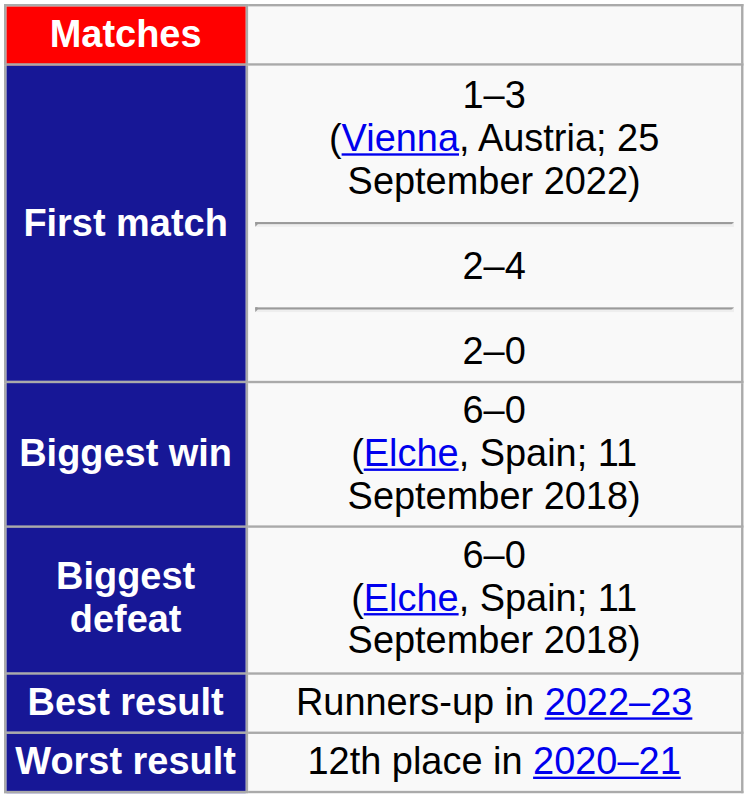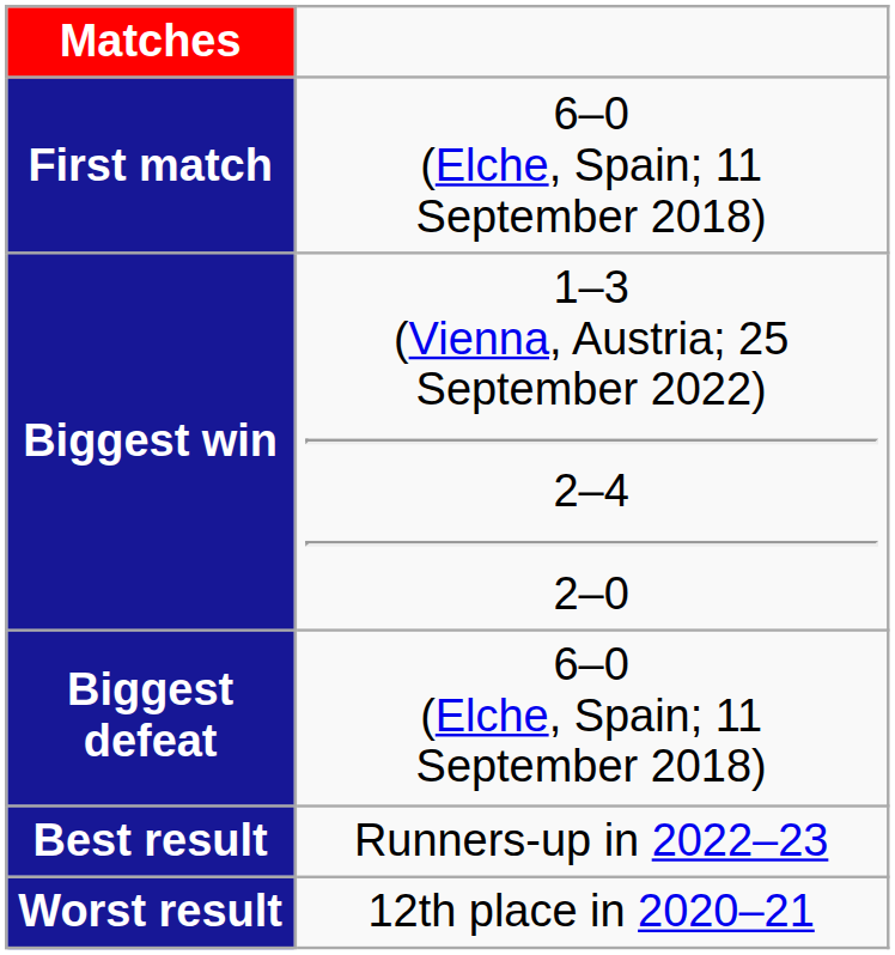 <table class="wikitable collapsible" style="width:50%;text-align:center">
 <tr>
 <th style="background:#ff0000; color:white; ">Matches</th>
 </tr>
 <tr>
 <th style="background:#171796; color:white; ">First match</th>
-<td> 1–3 <br>(<a href='#'>Vienna</a>, Austria; 25 September 2022)<hr> 2–4 <br><hr> 2–0 <br></td>
+<td> 6–0 <br>(<a href='#'>Elche</a>, Spain; 11 September 2018)</td>
 </tr>
 <tr>
 <th style="background:#171796; color:white; ">Biggest win</th>
-<td> 6–0 <br>(<a href='#'>Elche</a>, Spain; 11 September 2018)</td>
+<td> 1–3 <br>(<a href='#'>Vienna</a>, Austria; 25 September 2022)<hr> 2–4 <br><hr> 2–0 <br></td>
 </tr>
 <tr>
 <th style="background:#171796; color:white; ">Biggest defeat</th>
 <td> 6–0 <br>(<a href='#'>Elche</a>, Spain; 11 September 2018)</td>
 </tr>
 <tr>
 <th style="background:#171796; color:white; ">Best result</th>
 <td>Runners-up in <a href='#'>2022–23</a></td>
 </tr>
 <tr>
 <th style="background:#171796; color:white; ">Worst result</th>
 <td>12th place in <a href='#'>2020–21</a></td>
 </tr>
 </table>
